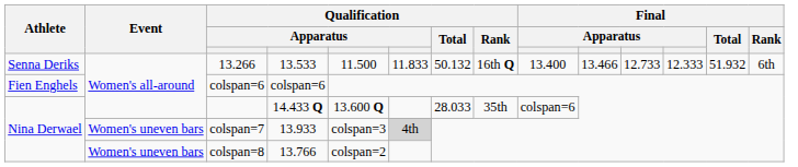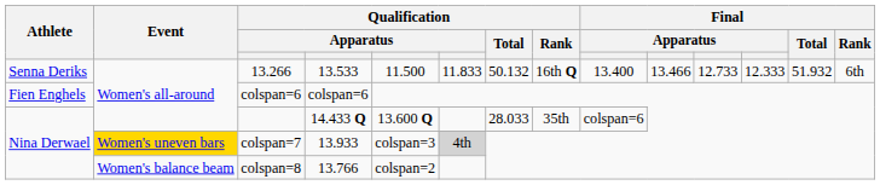 <table class="wikitable" style="font-size:90%">
 <tr>
 <th rowspan=3>Athlete</th>
 <th rowspan=3>Event</th>
 <th colspan=6>Qualification</th>
 <th colspan=6>Final</th>
 </tr>
 <tr style="font-size:95%">
 <th colspan=4>Apparatus</th>
 <th rowspan=2>Total</th>
 <th rowspan=2>Rank</th>
 <th colspan=4>Apparatus</th>
 <th rowspan=2>Total</th>
 <th rowspan=2>Rank</th>
 </tr>
 <tr style="font-size:95%">
 <th></th>
 <th></th>
 <th></th>
 <th></th>
 <th></th>
 <th></th>
 <th></th>
 <th></th>
 </tr>
 <tr align=center>
 <td align=left><a href='#'>Senna Deriks</a></td>
 <td rowspan=3 align=left><a href='#'>Women's all-around</a></td>
 <td>13.266</td>
 <td>13.533</td>
 <td>11.500</td>
 <td>11.833</td>
 <td>50.132</td>
 <td>16th <strong>Q</strong></td>
 <td>13.400</td>
 <td>13.466</td>
 <td>12.733</td>
 <td>12.333</td>
 <td>51.932</td>
 <td>6th</td>
 </tr>
 <tr align=center>
 <td align=left><a href='#'>Fien Enghels</a></td>
 <td>colspan=6 </td>
 <td>colspan=6 </td>
 </tr>
 <tr align=center>
 <td rowspan=3 align=left><a href='#'>Nina Derwael</a></td>
 <td></td>
 <td>14.433 <strong>Q</strong></td>
 <td>13.600 <strong>Q</strong></td>
 <td></td>
 <td>28.033</td>
 <td>35th</td>
 <td>colspan=6 </td>
 </tr>
 <tr align=center>
-<td align=left><a href='#'>Women's uneven bars</a></td>
+<td align=left style="background: gold;"><a href='#'>Women's uneven bars</a></td>
 <td>colspan=7 </td>
 <td>13.933</td>
 <td>colspan=3 </td>
 <td style="background: lightgrey;">4th</td>
 </tr>
 <tr align=center>
-<td align=left><a href='#'>Women's uneven bars</a></td>
+<td align=left><a href='#'>Women's balance beam</a></td>
 <td>colspan=8 </td>
 <td>13.766</td>
 <td>colspan=2 </td>
 <td></td>
 </tr>
 </table>
